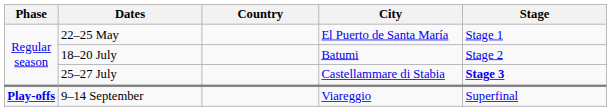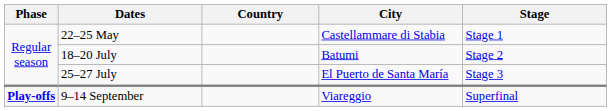 <table class="wikitable">
 <tr>
 <th>Phase</th>
 <th width="175">Dates</th>
 <th width="140">Country</th>
 <th width="175">City</th>
 <th width="175">Stage</th>
 </tr>
 <tr>
 <td rowspan=3 align=center><a href='#'>Regular<br>season</a></td>
 <td>22–25 May</td>
 <td></td>
-<td><a href='#'>El Puerto de Santa María</a></td>
+<td><a href='#'>Castellammare di Stabia</a></td>
 <td><a href='#'>Stage 1</a></td>
 </tr>
 <tr>
 <td>18–20 July</td>
 <td></td>
 <td><a href='#'>Batumi</a></td>
 <td><a href='#'>Stage 2</a></td>
 </tr>
 <tr style="border-bottom: 3px solid grey">
 <td>25–27 July</td>
 <td></td>
-<td><a href='#'>Castellammare di Stabia</a></td>
-<td><strong><a href='#'>Stage 3</a></strong></td>
+<td><a href='#'>El Puerto de Santa María</a></td>
+<td><a href='#'>Stage 3</a></td>
 </tr>
 <tr>
 <td style="border-top: 3px solid grey" align=center><strong><a href='#'>Play-offs</a></strong></td>
 <td>9–14 September</td>
 <td></td>
 <td><a href='#'>Viareggio</a></td>
 <td><a href='#'>Superfinal</a></td>
 </tr>
 </table>
